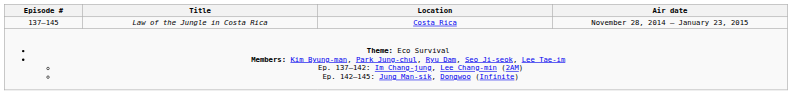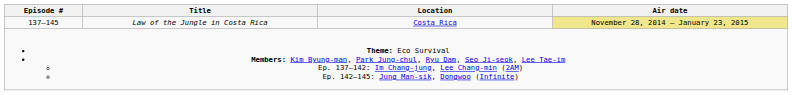 <table class="wikitable" style="text-align:center; font-size:90%; width:100%;">
 <tr>
 <th width="10%">Episode #</th>
 <th width="30%">Title</th>
 <th width="30%">Location</th>
 <th width="30%">Air date</th>
 </tr>
 <tr>
 <td>137–145</td>
 <td><em>Law of the Jungle in Costa Rica</em></td>
 <td><a href='#'>Costa Rica</a></td>
-<td>November 28, 2014 – January 23, 2015</td>
+<td style="background: khaki;">November 28, 2014 – January 23, 2015</td>
 </tr>
 <tr>
 <td colspan="4"><br><ul><li><strong>Theme:</strong> Eco Survival</li><li><strong>Members:</strong> <a href='#'>Kim Byung-man</a>, <a href='#'>Park Jung-chul</a>, <a href='#'>Ryu Dam</a>, <a href='#'>Seo Ji-seok</a>, <a href='#'>Lee Tae-im</a><ul><li>Ep. 137–142: <a href='#'>Im Chang-jung</a>, <a href='#'>Lee Chang-min</a> (<a href='#'>2AM</a>)</li><li>Ep. 142–145: <a href='#'>Jung Man-sik</a>, <a href='#'>Dongwoo</a> (<a href='#'>Infinite</a>)</li></ul></li></ul></td>
 </tr>
 </table>
